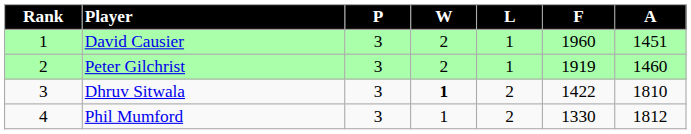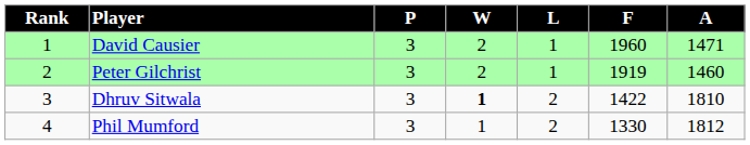 <table border="2" cellpadding="2" cellspacing="0" style="margin: 0; background: #f9f9f9; border: 1px #aaa solid; border-collapse: collapse; font-size: 100%;" width=50%>
 <tr>
 <th bgcolor="000000" style="color:white; text-align:center" width=5%>Rank</th>
 <th bgcolor="000000" style="color:white; text-align:left" width=20%>Player</th>
 <th bgcolor="000000" style="color:white; text-align:center" width=5%>P</th>
 <th bgcolor="000000" style="color:white; text-align:center" width=5%>W</th>
 <th bgcolor="000000" style="color:white; text-align:center" width=5%>L</th>
 <th bgcolor="000000" style="color:white; text-align:center" width=5%>F</th>
 <th bgcolor="000000" style="color:white; text-align:center" width=5%>A</th>
 </tr>
 <tr>
 <td style="text-align:center; background:#aaffaa">1</td>
 <td style="text-align:left; background:#aaffaa"> <a href='#'>David Causier</a></td>
 <td style="text-align:center; background:#aaffaa">3</td>
 <td style="text-align:center; background:#aaffaa">2</td>
 <td style="text-align:center; background:#aaffaa">1</td>
 <td style="text-align:center; background:#aaffaa">1960</td>
-<td style="text-align:center; background:#aaffaa">1451</td>
+<td style="text-align:center; background:#aaffaa">1471</td>
 </tr>
 <tr>
 <td style="text-align:center; background:#aaffaa">2</td>
 <td style="text-align:left; background:#aaffaa"> <a href='#'>Peter Gilchrist</a></td>
 <td style="text-align:center; background:#aaffaa">3</td>
 <td style="text-align:center; background:#aaffaa">2</td>
 <td style="text-align:center; background:#aaffaa">1</td>
 <td style="text-align:center; background:#aaffaa">1919</td>
 <td style="text-align:center; background:#aaffaa">1460</td>
 </tr>
 <tr>
 <td style="text-align:center">3</td>
 <td style="text-align:left;"> <a href='#'>Dhruv Sitwala</a></td>
 <td style="text-align:center;">3</td>
 <td style="text-align:center;"><strong>1</strong></td>
 <td style="text-align:center;">2</td>
 <td style="text-align:center;">1422</td>
 <td style="text-align:center;">1810</td>
 </tr>
 <tr>
 <td style="text-align:center">4</td>
 <td style="text-align:left;"> <a href='#'>Phil Mumford</a></td>
 <td style="text-align:center;">3</td>
 <td style="text-align:center;">1</td>
 <td style="text-align:center;">2</td>
 <td style="text-align:center;">1330</td>
 <td style="text-align:center;">1812</td>
 </tr>
 </table>
